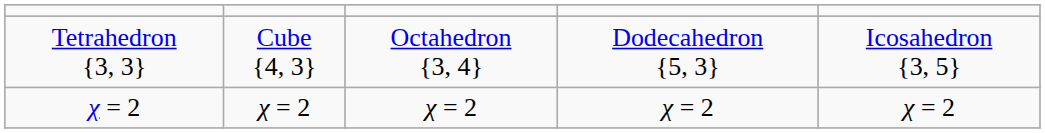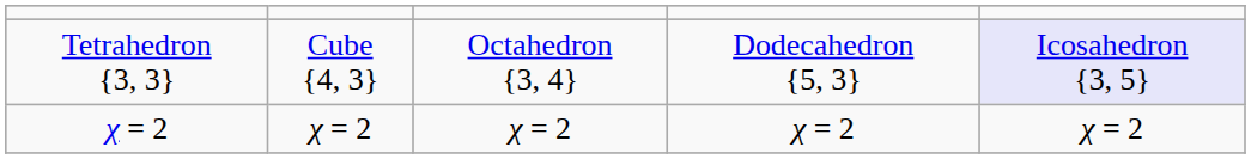 <table class="wikitable" width=640>
 <tr align=center>
 <td></td>
 <td></td>
 <td></td>
 <td></td>
 <td></td>
 </tr>
 <tr align=center>
 <td><a href='#'>Tetrahedron</a><br>{3, 3}</td>
 <td><a href='#'>Cube</a><br>{4, 3}</td>
 <td><a href='#'>Octahedron</a><br>{3, 4}</td>
 <td><a href='#'>Dodecahedron</a><br>{5, 3}</td>
-<td><a href='#'>Icosahedron</a><br>{3, 5}</td>
+<td style="background: lavender;"><a href='#'>Icosahedron</a><br>{3, 5}</td>
 </tr>
 <tr align=center>
 <td><a href='#'><em>χ</em></a> = 2</td>
 <td><em>χ</em> = 2</td>
 <td><em>χ</em> = 2</td>
 <td><em>χ</em> = 2</td>
 <td><em>χ</em> = 2</td>
 </tr>
 </table>
